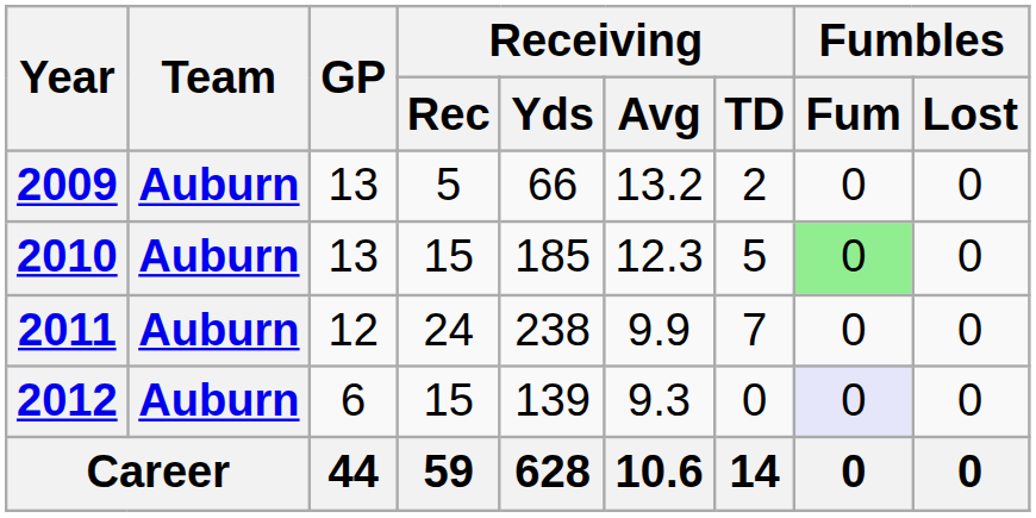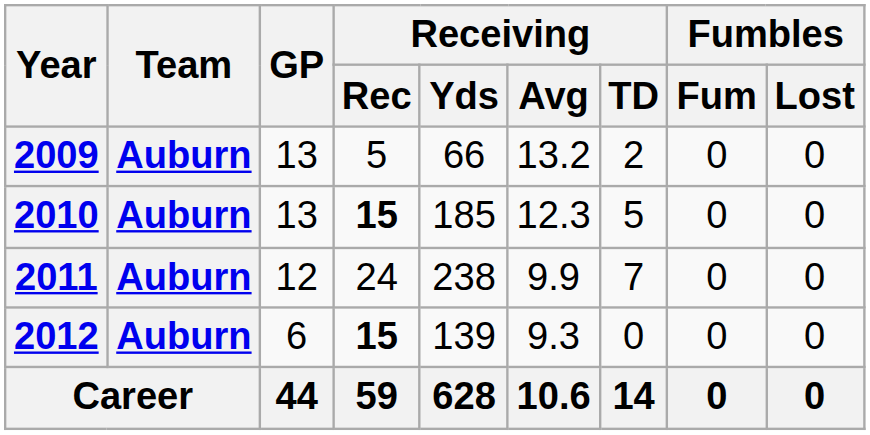 <table class="wikitable" style="text-align:center;">
 <tr>
 <th rowspan="2">Year</th>
 <th rowspan="2">Team</th>
 <th rowspan="2">GP</th>
 <th colspan="4">Receiving</th>
 <th colspan="2">Fumbles</th>
 </tr>
 <tr>
 <th>Rec</th>
 <th>Yds</th>
 <th>Avg</th>
 <th>TD</th>
 <th>Fum</th>
 <th>Lost</th>
 </tr>
 <tr>
 <th><a href='#'>2009</a></th>
 <th><a href='#'>Auburn</a></th>
 <td>13</td>
 <td>5</td>
 <td>66</td>
 <td>13.2</td>
 <td>2</td>
 <td>0</td>
 <td>0</td>
 </tr>
 <tr>
 <th><a href='#'>2010</a></th>
 <th><a href='#'>Auburn</a></th>
 <td>13</td>
-<td>15</td>
+<td><strong>15</strong></td>
 <td>185</td>
 <td>12.3</td>
 <td>5</td>
-<td style="background: lightgreen;">0</td>
+<td>0</td>
 <td>0</td>
 </tr>
 <tr>
 <th><a href='#'>2011</a></th>
 <th><a href='#'>Auburn</a></th>
 <td>12</td>
 <td>24</td>
 <td>238</td>
 <td>9.9</td>
 <td>7</td>
 <td>0</td>
 <td>0</td>
 </tr>
 <tr>
 <th><a href='#'>2012</a></th>
 <th><a href='#'>Auburn</a></th>
 <td>6</td>
-<td>15</td>
+<td><strong>15</strong></td>
 <td>139</td>
 <td>9.3</td>
 <td>0</td>
-<td style="background: lavender;">0</td>
+<td>0</td>
 <td>0</td>
 </tr>
 <tr>
 <th colspan="2">Career</th>
 <th>44</th>
 <th>59</th>
 <th>628</th>
 <th>10.6</th>
 <th>14</th>
 <th>0</th>
 <th>0</th>
 </tr>
 </table>
